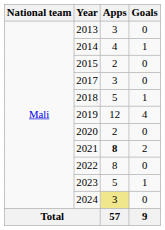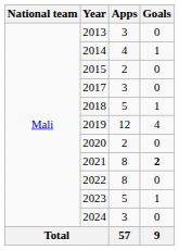 <table class="wikitable" style="text-align:center">
 <tr>
 <th>National team</th>
 <th>Year</th>
 <th>Apps</th>
 <th>Goals</th>
 </tr>
 <tr>
 <td rowspan="11"><a href='#'>Mali</a></td>
 <td>2013</td>
 <td>3</td>
 <td>0</td>
 </tr>
 <tr>
 <td>2014</td>
 <td>4</td>
 <td>1</td>
 </tr>
 <tr>
 <td>2015</td>
 <td>2</td>
 <td>0</td>
 </tr>
 <tr>
 <td>2017</td>
 <td>3</td>
 <td>0</td>
 </tr>
 <tr>
 <td>2018</td>
 <td>5</td>
 <td>1</td>
 </tr>
 <tr>
 <td>2019</td>
 <td>12</td>
 <td>4</td>
 </tr>
 <tr>
 <td>2020</td>
 <td>2</td>
 <td>0</td>
 </tr>
 <tr>
 <td>2021</td>
-<td><strong>8</strong></td>
-<td>2</td>
+<td>8</td>
+<td><strong>2</strong></td>
 </tr>
 <tr>
 <td>2022</td>
 <td>8</td>
 <td>0</td>
 </tr>
 <tr>
 <td>2023</td>
 <td>5</td>
 <td>1</td>
 </tr>
 <tr>
 <td>2024</td>
-<td style="background: khaki;">3</td>
+<td>3</td>
 <td>0</td>
 </tr>
 <tr>
 <th colspan="2">Total</th>
 <th>57</th>
 <th>9</th>
 </tr>
 </table>
